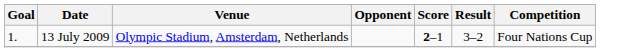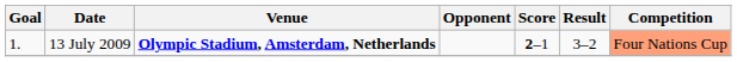 <table class="wikitable">
 <tr>
 <th>Goal</th>
 <th>Date</th>
 <th>Venue</th>
 <th>Opponent</th>
 <th>Score</th>
 <th>Result</th>
 <th>Competition</th>
 </tr>
 <tr>
 <td>1.</td>
 <td>13 July 2009</td>
-<td><a href='#'>Olympic Stadium</a>, <a href='#'>Amsterdam</a>, Netherlands</td>
+<td><strong><a href='#'>Olympic Stadium</a>, <a href='#'>Amsterdam</a>, Netherlands</strong></td>
 <td></td>
 <td align=center><strong>2</strong>–1</td>
 <td align=center>3–2</td>
-<td>Four Nations Cup</td>
+<td style="background: lightsalmon;">Four Nations Cup</td>
 </tr>
 <tr>
 </tr>
 </table>
